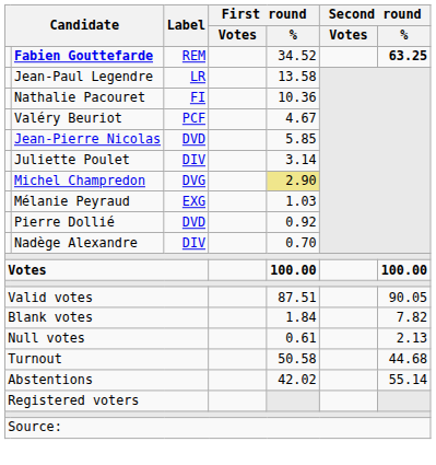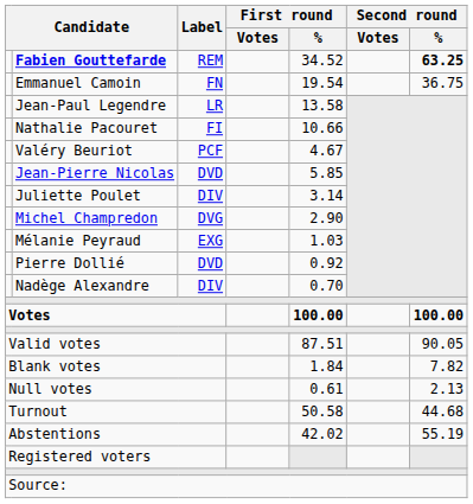 <table class="wikitable" style="text-align:right;font-size:95%;">
 <tr>
 <th rowspan="2" colspan="2">Candidate</th>
 <th rowspan="2">Label</th>
 <th colspan="2">First round</th>
 <th colspan="2">Second round</th>
 </tr>
 <tr>
 <th style="width:50px;">Votes</th>
 <th style="width:45px;">%</th>
 <th style="width:50px;">Votes</th>
 <th style="width:45px;">%</th>
 </tr>
 <tr>
 <td style="color:inherit;background:"></td>
 <td style="text-align:left;"><strong><a href='#'>Fabien Gouttefarde</a></strong></td>
 <td><a href='#'>REM</a></td>
 <td></td>
 <td>34.52</td>
 <td><strong></strong></td>
 <td><strong>63.25</strong></td>
 </tr>
 <tr>
 <td style="color:inherit;background:"></td>
+<td style="text-align:left;">Emmanuel Camoin</td>
+<td><a href='#'>FN</a></td>
+<td></td>
+<td>19.54</td>
+<td></td>
+<td>36.75</td>
+</tr>
+<tr>
+<td style="color:inherit;background:"></td>
 <td style="text-align:left;">Jean-Paul Legendre</td>
 <td><a href='#'>LR</a></td>
 <td></td>
 <td>13.58</td>
 <td colspan="2" rowspan="9" style="background:#E9E9E9;"></td>
 </tr>
 <tr>
 <td style="color:inherit;background:"></td>
 <td style="text-align:left;">Nathalie Pacouret</td>
 <td><a href='#'>FI</a></td>
 <td></td>
-<td>10.36</td>
+<td>10.66</td>
 </tr>
 <tr>
 <td style="color:inherit;background:"></td>
 <td style="text-align:left;">Valéry Beuriot</td>
 <td><a href='#'>PCF</a></td>
 <td></td>
 <td>4.67</td>
 </tr>
 <tr>
 <td style="color:inherit;background:"></td>
 <td style="text-align:left;"><a href='#'>Jean-Pierre Nicolas</a></td>
 <td><a href='#'>DVD</a></td>
 <td></td>
 <td>5.85</td>
 </tr>
 <tr>
 <td style="color:inherit;background:"></td>
 <td style="text-align:left;">Juliette Poulet</td>
 <td><a href='#'>DIV</a></td>
 <td></td>
 <td>3.14</td>
 </tr>
 <tr>
 <td style="color:inherit;background:"></td>
 <td style="text-align:left;"><a href='#'>Michel Champredon</a></td>
 <td><a href='#'>DVG</a></td>
 <td></td>
-<td style="background: khaki;">2.90</td>
+<td>2.90</td>
 </tr>
 <tr>
 <td style="color:inherit;background:"></td>
 <td style="text-align:left;">Mélanie Peyraud</td>
 <td><a href='#'>EXG</a></td>
 <td></td>
 <td>1.03</td>
 </tr>
 <tr>
 <td style="color:inherit;background:"></td>
 <td style="text-align:left;">Pierre Dollié</td>
 <td><a href='#'>DVD</a></td>
 <td></td>
 <td>0.92</td>
 </tr>
 <tr>
 <td style="color:inherit;background:"></td>
 <td style="text-align:left;">Nadège Alexandre</td>
 <td><a href='#'>DIV</a></td>
 <td></td>
 <td>0.70</td>
 </tr>
 <tr>
 <td colspan="7" style="background:#E9E9E9;"></td>
 </tr>
 <tr style="font-weight:bold;">
 <td colspan="3" style="text-align:left;">Votes</td>
 <td></td>
 <td>100.00</td>
 <td></td>
 <td>100.00</td>
 </tr>
 <tr>
 <td colspan="7" style="background:#E9E9E9;"></td>
 </tr>
 <tr>
 <td colspan="3" style="text-align:left;">Valid votes</td>
 <td></td>
 <td>87.51</td>
 <td></td>
 <td>90.05</td>
 </tr>
 <tr>
 <td colspan="3" style="text-align:left;">Blank votes</td>
 <td></td>
 <td>1.84</td>
 <td></td>
 <td>7.82</td>
 </tr>
 <tr>
 <td colspan="3" style="text-align:left;">Null votes</td>
 <td></td>
 <td>0.61</td>
 <td></td>
 <td>2.13</td>
 </tr>
 <tr>
 <td colspan="3" style="text-align:left;">Turnout</td>
 <td></td>
 <td>50.58</td>
 <td></td>
 <td>44.68</td>
 </tr>
 <tr>
 <td colspan="3" style="text-align:left;">Abstentions</td>
 <td></td>
 <td>42.02</td>
 <td></td>
-<td>55.14</td>
+<td>55.19</td>
 </tr>
 <tr>
 <td colspan="3" style="text-align:left;">Registered voters</td>
 <td></td>
 <td style="background:#E9E9E9;"></td>
 <td></td>
 <td style="background:#E9E9E9;"></td>
 </tr>
 <tr>
 <td colspan="7" style="background:#E9E9E9;"></td>
 </tr>
 <tr>
 <td colspan="7" style="text-align:left;">Source: </td>
 </tr>
 </table>
